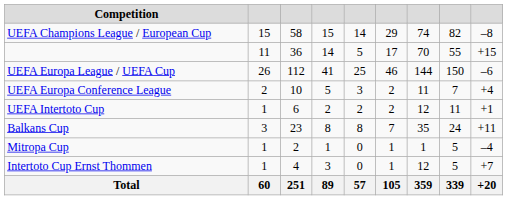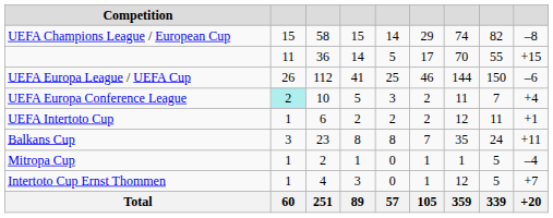 <table class="wikitable" style="text-align: center;">
 <tr>
 <th style="width:318px; background:#dcdcdc;">Competition</th>
 <th style="width:35px; background:#dcdcdc;"></th>
 <th style="width:35px; background:#dcdcdc;"></th>
 <th style="width:35px; background:#dcdcdc;"></th>
 <th style="width:35px; background:#dcdcdc;"></th>
 <th style="width:35px; background:#dcdcdc;"></th>
 <th style="width:35px; background:#dcdcdc;"></th>
 <th style="width:35px; background:#dcdcdc;"></th>
 <th style="width:35px; background:#dcdcdc;"></th>
 </tr>
 <tr>
 <td align=left><a href='#'>UEFA Champions League</a> / <a href='#'>European Cup</a></td>
 <td>15</td>
 <td>58</td>
 <td>15</td>
 <td>14</td>
 <td>29</td>
 <td>74</td>
 <td>82</td>
 <td>–8</td>
 </tr>
 <tr>
 <td align=left></td>
 <td>11</td>
 <td>36</td>
 <td>14</td>
 <td>5</td>
 <td>17</td>
 <td>70</td>
 <td>55</td>
 <td>+15</td>
 </tr>
 <tr>
 <td align=left><a href='#'>UEFA Europa League</a> / <a href='#'>UEFA Cup</a></td>
 <td>26</td>
 <td>112</td>
 <td>41</td>
 <td>25</td>
 <td>46</td>
 <td>144</td>
 <td>150</td>
 <td>–6</td>
 </tr>
 <tr>
 <td align=left><a href='#'>UEFA Europa Conference League</a></td>
-<td>2</td>
+<td style="background: paleturquoise;">2</td>
 <td>10</td>
 <td>5</td>
 <td>3</td>
 <td>2</td>
 <td>11</td>
 <td>7</td>
 <td>+4</td>
 </tr>
 <tr>
 <td align=left><a href='#'>UEFA Intertoto Cup</a></td>
 <td>1</td>
 <td>6</td>
 <td>2</td>
 <td>2</td>
 <td>2</td>
 <td>12</td>
 <td>11</td>
 <td>+1</td>
 </tr>
 <tr>
 <td align=left><a href='#'>Balkans Cup</a></td>
 <td>3</td>
 <td>23</td>
 <td>8</td>
 <td>8</td>
 <td>7</td>
 <td>35</td>
 <td>24</td>
 <td>+11</td>
 </tr>
 <tr>
 <td align=left><a href='#'>Mitropa Cup</a></td>
 <td>1</td>
 <td>2</td>
 <td>1</td>
 <td>0</td>
 <td>1</td>
 <td>1</td>
 <td>5</td>
 <td>–4</td>
 </tr>
 <tr>
 <td align=left><a href='#'>Intertoto Cup Ernst Thommen</a></td>
 <td>1</td>
 <td>4</td>
 <td>3</td>
 <td>0</td>
 <td>1</td>
 <td>12</td>
 <td>5</td>
 <td>+7</td>
 </tr>
 <tr class="sortbottom">
 <th>Total</th>
 <th>60</th>
 <th>251</th>
 <th>89</th>
 <th>57</th>
 <th>105</th>
 <th>359</th>
 <th>339</th>
 <th>+20</th>
 </tr>
 </table>
